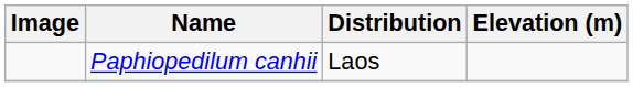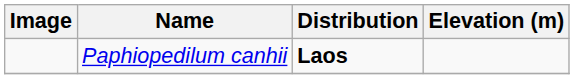 <table class="wikitable collapsible">
 <tr>
 <th>Image</th>
 <th>Name</th>
 <th>Distribution</th>
 <th>Elevation (m)</th>
 </tr>
 <tr>
 <td></td>
 <td><em><a href='#'>Paphiopedilum canhii</a></em>  </td>
-<td>Laos</td>
+<td><strong>Laos</strong></td>
 <td></td>
 </tr>
 <tr>
 </tr>
 </table>
